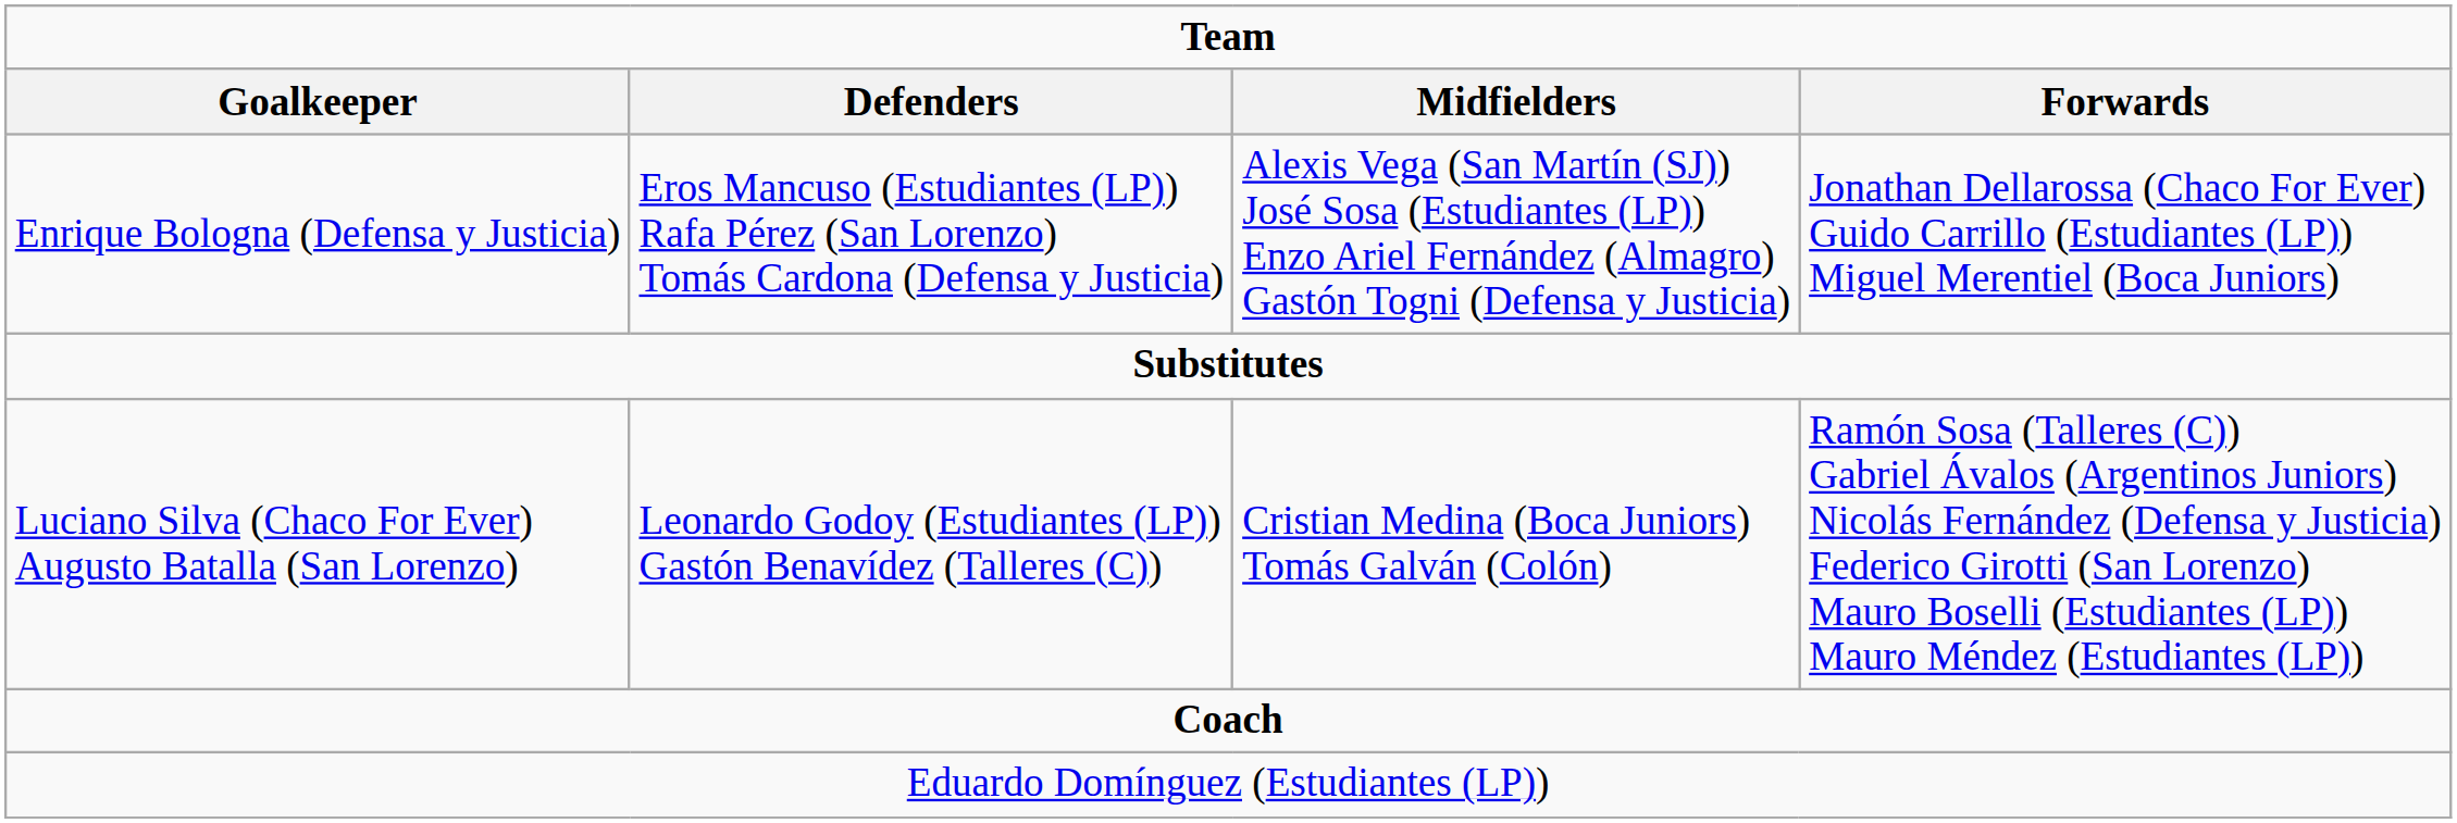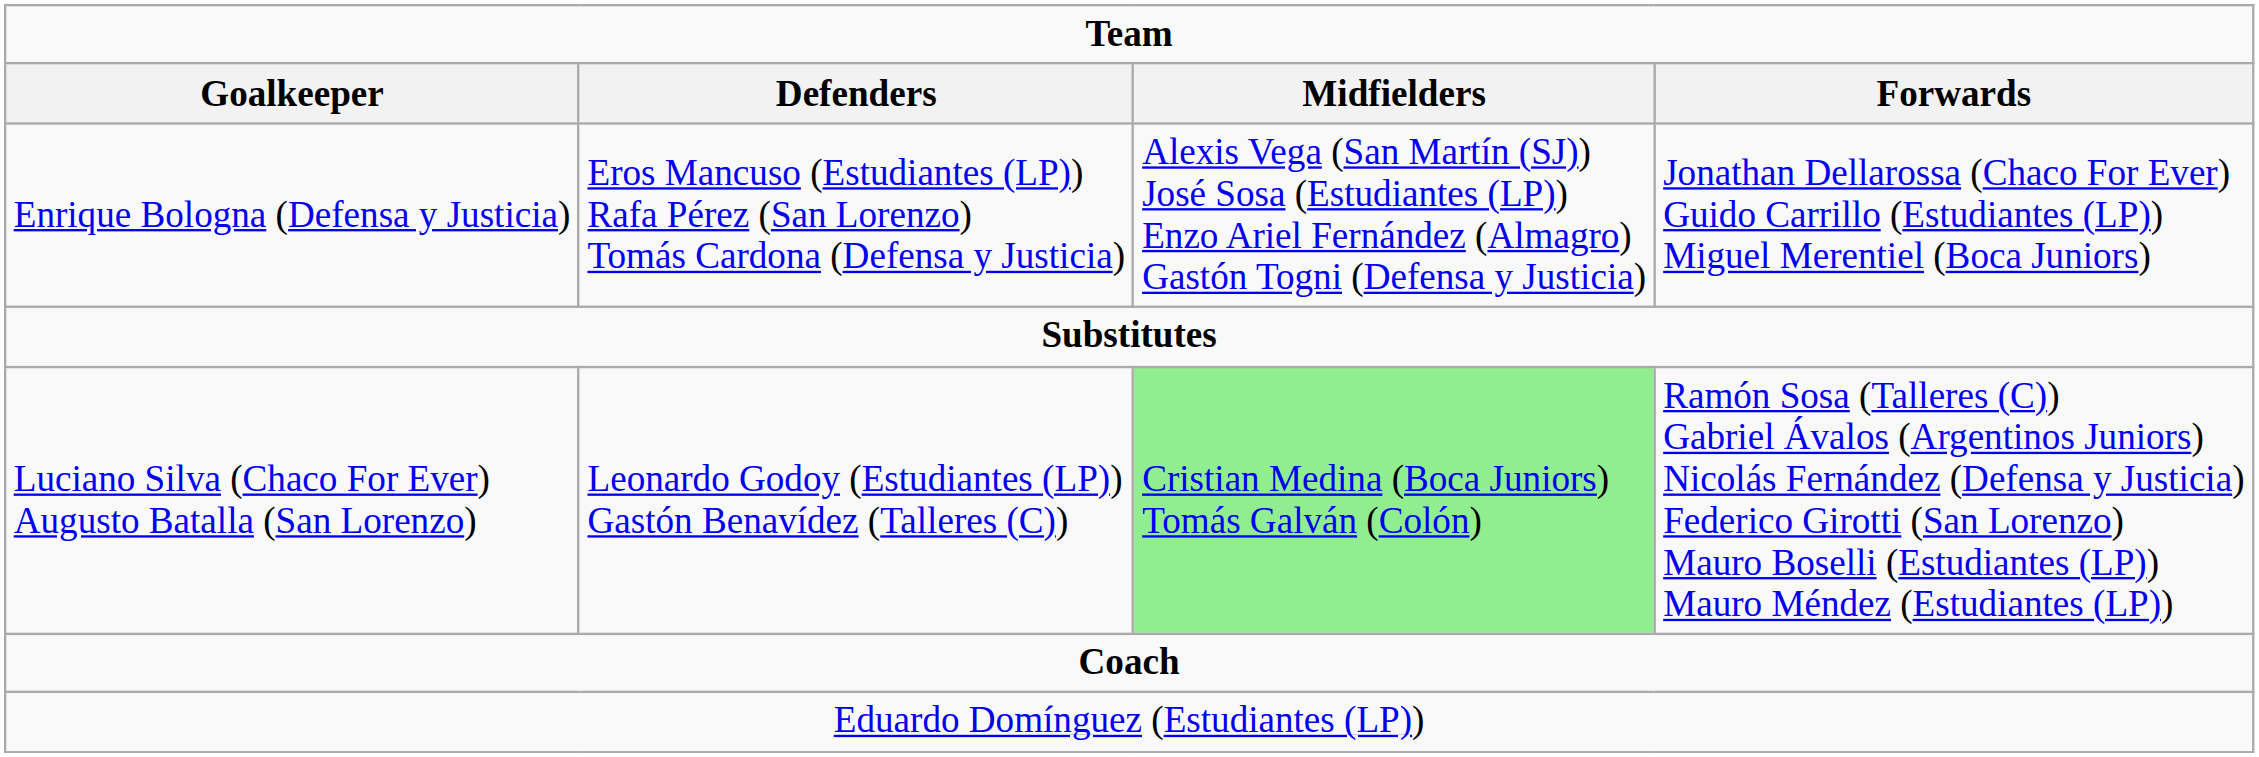 <table class=wikitable>
 <tr>
 <td colspan=4 align=center><strong>Team</strong></td>
 </tr>
 <tr>
 <th>Goalkeeper</th>
 <th>Defenders</th>
 <th>Midfielders</th>
 <th>Forwards</th>
 </tr>
 <tr>
 <td><a href='#'>Enrique Bologna</a> (<a href='#'>Defensa y Justicia</a>)</td>
 <td><a href='#'>Eros Mancuso</a> (<a href='#'>Estudiantes (LP)</a>)<br><a href='#'>Rafa Pérez</a> (<a href='#'>San Lorenzo</a>)<br><a href='#'>Tomás Cardona</a> (<a href='#'>Defensa y Justicia</a>)</td>
 <td><a href='#'>Alexis Vega</a> (<a href='#'>San Martín (SJ)</a>)<br><a href='#'>José Sosa</a> (<a href='#'>Estudiantes (LP)</a>)<br><a href='#'>Enzo Ariel Fernández</a> (<a href='#'>Almagro</a>)<br><a href='#'>Gastón Togni</a> (<a href='#'>Defensa y Justicia</a>)</td>
 <td><a href='#'>Jonathan Dellarossa</a> (<a href='#'>Chaco For Ever</a>)<br><a href='#'>Guido Carrillo</a> (<a href='#'>Estudiantes (LP)</a>)<br><a href='#'>Miguel Merentiel</a> (<a href='#'>Boca Juniors</a>)</td>
 </tr>
 <tr>
 <td colspan=4 align=center><strong>Substitutes</strong></td>
 </tr>
 <tr>
 <td><a href='#'>Luciano Silva</a> (<a href='#'>Chaco For Ever</a>)<br><a href='#'>Augusto Batalla</a> (<a href='#'>San Lorenzo</a>)</td>
 <td><a href='#'>Leonardo Godoy</a> (<a href='#'>Estudiantes (LP)</a>)<br><a href='#'>Gastón Benavídez</a> (<a href='#'>Talleres (C)</a>)</td>
-<td><a href='#'>Cristian Medina</a> (<a href='#'>Boca Juniors</a>)<br><a href='#'>Tomás Galván</a> (<a href='#'>Colón</a>)</td>
+<td style="background: lightgreen;"><a href='#'>Cristian Medina</a> (<a href='#'>Boca Juniors</a>)<br><a href='#'>Tomás Galván</a> (<a href='#'>Colón</a>)</td>
 <td><a href='#'>Ramón Sosa</a> (<a href='#'>Talleres (C)</a>)<br><a href='#'>Gabriel Ávalos</a> (<a href='#'>Argentinos Juniors</a>)<br><a href='#'>Nicolás Fernández</a> (<a href='#'>Defensa y Justicia</a>)<br><a href='#'>Federico Girotti</a> (<a href='#'>San Lorenzo</a>)<br><a href='#'>Mauro Boselli</a> (<a href='#'>Estudiantes (LP)</a>)<br><a href='#'>Mauro Méndez</a> (<a href='#'>Estudiantes (LP)</a>)</td>
 </tr>
 <tr>
 <td colspan=4 align=center><strong>Coach</strong></td>
 </tr>
 <tr>
 <td colspan=4 align=center><a href='#'>Eduardo Domínguez</a> (<a href='#'>Estudiantes (LP)</a>)</td>
 </tr>
 </table>
